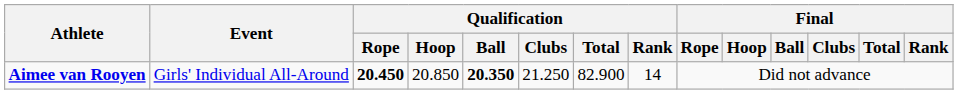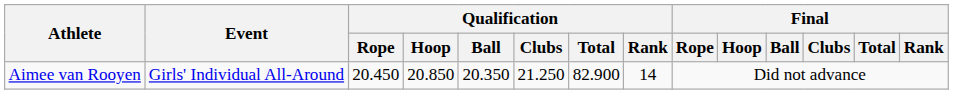 <table class="wikitable" border="1" style="font-size:90%">
 <tr>
 <th rowspan=2>Athlete</th>
 <th rowspan=2>Event</th>
 <th colspan=6>Qualification</th>
 <th colspan=6>Final</th>
 </tr>
 <tr>
 <th>Rope</th>
 <th>Hoop</th>
 <th>Ball</th>
 <th>Clubs</th>
 <th>Total</th>
 <th>Rank</th>
 <th>Rope</th>
 <th>Hoop</th>
 <th>Ball</th>
 <th>Clubs</th>
 <th>Total</th>
 <th>Rank</th>
 </tr>
 <tr>
-<td><strong><a href='#'>Aimee van Rooyen</a></strong></td>
+<td><a href='#'>Aimee van Rooyen</a></td>
 <td><a href='#'>Girls' Individual All-Around</a></td>
-<td align=center><strong>20.450</strong></td>
+<td align=center>20.450</td>
 <td align=center>20.850</td>
-<td align=center><strong>20.350</strong></td>
+<td align=center>20.350</td>
 <td align=center>21.250</td>
 <td align=center>82.900</td>
 <td align=center>14</td>
 <td align=center colspan=6>Did not advance</td>
 </tr>
 </table>
